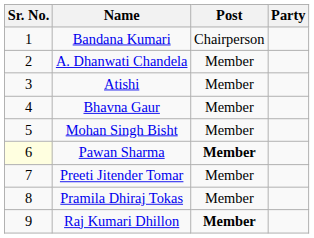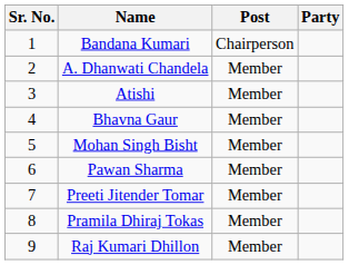 <table class="wikitable sortable">
 <tr>
 <th>Sr. No.</th>
 <th>Name</th>
 <th>Post</th>
 <th colspan="2">Party</th>
 </tr>
 <tr align="center">
 <td>1</td>
 <td><a href='#'>Bandana Kumari</a></td>
 <td>Chairperson</td>
 <td></td>
 </tr>
 <tr align="center">
 <td>2</td>
 <td><a href='#'>A. Dhanwati Chandela</a></td>
 <td>Member</td>
 <td></td>
 </tr>
 <tr align="center">
 <td>3</td>
 <td><a href='#'>Atishi</a></td>
 <td>Member</td>
 <td></td>
 </tr>
 <tr align="center">
 <td>4</td>
 <td><a href='#'>Bhavna Gaur</a></td>
 <td>Member</td>
 <td></td>
 </tr>
 <tr align="center">
 <td>5</td>
 <td><a href='#'>Mohan Singh Bisht</a></td>
 <td>Member</td>
 <td></td>
 </tr>
 <tr align="center">
-<td style="background: lightyellow;">6</td>
+<td>6</td>
 <td><a href='#'>Pawan Sharma</a></td>
-<td><strong>Member</strong></td>
+<td>Member</td>
 <td></td>
 </tr>
 <tr align="center">
 <td>7</td>
 <td><a href='#'>Preeti Jitender Tomar</a></td>
 <td>Member</td>
 <td></td>
 </tr>
 <tr align="center">
 <td>8</td>
 <td><a href='#'>Pramila Dhiraj Tokas</a></td>
 <td>Member</td>
 <td></td>
 </tr>
 <tr align="center">
 <td>9</td>
 <td><a href='#'>Raj Kumari Dhillon</a></td>
-<td><strong>Member</strong></td>
+<td>Member</td>
 <td></td>
 </tr>
 </table>
